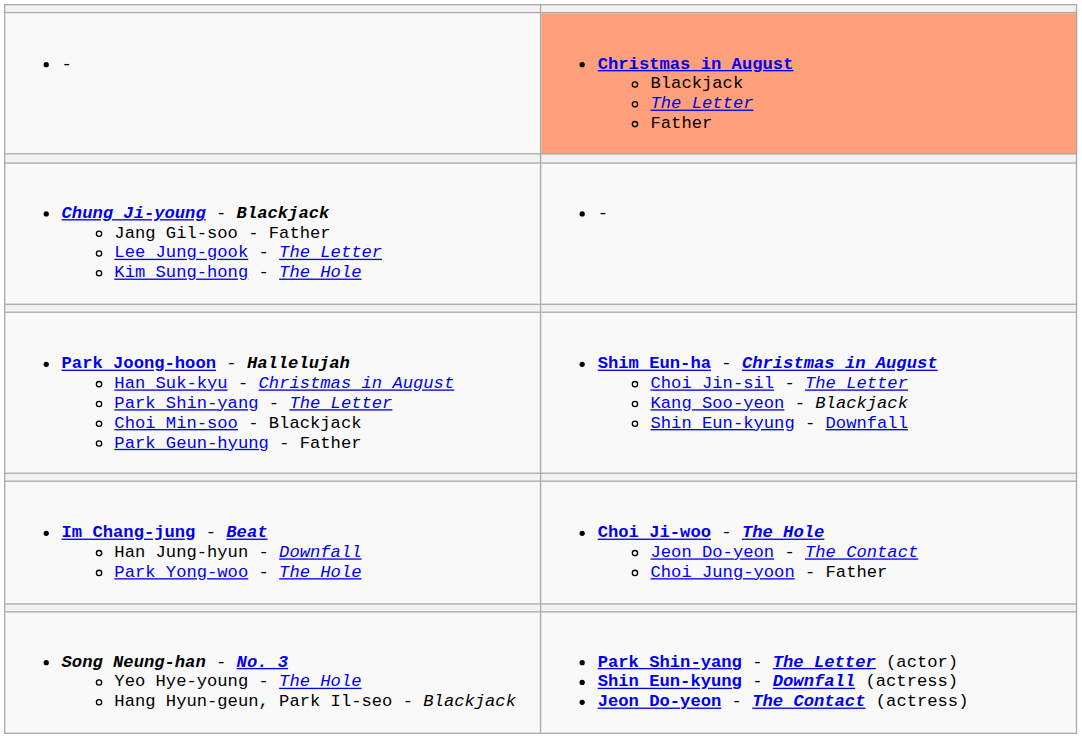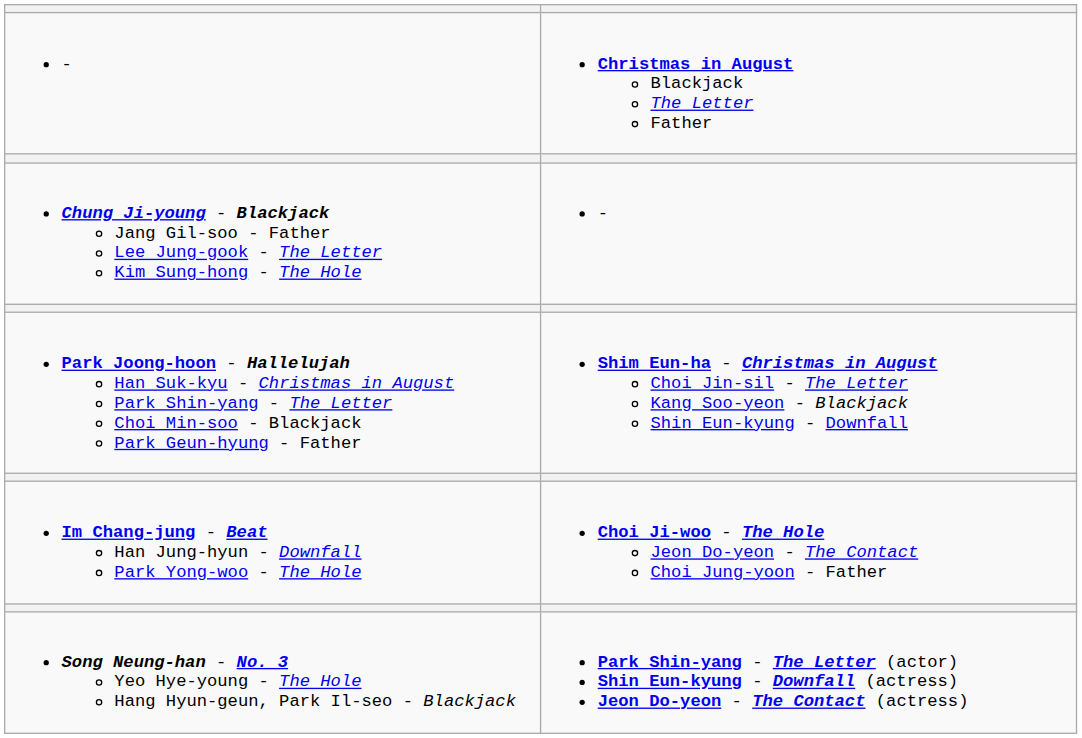 <table class="wikitable">
 <tr>
 <th style="width:400px;"></th>
 <th style="width:400px;"></th>
 </tr>
 <tr>
 <td valign="top"><br><ul><li>-</li></ul></td>
-<td valign="top" style="background: lightsalmon;"><br><ul><li><strong><a href='#'>Christmas in August</a></strong><ul><li>Blackjack</li><li><em><a href='#'>The Letter</a></em></li><li>Father</li></ul></li></ul></td>
+<td valign="top"><br><ul><li><strong><a href='#'>Christmas in August</a></strong><ul><li>Blackjack</li><li><em><a href='#'>The Letter</a></em></li><li>Father</li></ul></li></ul></td>
 </tr>
 <tr>
 <th></th>
 <th></th>
 </tr>
 <tr>
 <td valign="top"><br><ul><li><strong><em><a href='#'>Chung Ji-young</a></em></strong> - <strong><em> Blackjack</em></strong><ul><li>Jang Gil-soo - Father</li><li><a href='#'>Lee Jung-gook</a> - <em><a href='#'> The Letter</a></em></li><li><a href='#'>Kim Sung-hong</a> - <em><a href='#'> The Hole</a></em></li></ul></li></ul></td>
 <td valign="top"><br><ul><li>-</li></ul></td>
 </tr>
 <tr>
 <th></th>
 <th></th>
 </tr>
 <tr>
 <td valign="top"><br><ul><li><strong><a href='#'>Park Joong-hoon</a></strong> - <strong><em> Hallelujah</em></strong><ul><li><a href='#'>Han Suk-kyu</a> - <em><a href='#'>Christmas in August</a></em></li><li><a href='#'>Park Shin-yang</a> - <em><a href='#'> The Letter</a></em></li><li><a href='#'>Choi Min-soo</a> - Blackjack</li><li><a href='#'>Park Geun-hyung</a> - Father</li></ul></li></ul></td>
 <td valign="top"><br><ul><li><strong><a href='#'>Shim Eun-ha</a></strong> - <strong><em><a href='#'>Christmas in August</a></em></strong><ul><li><a href='#'>Choi Jin-sil</a> - <em><a href='#'> The Letter</a></em></li><li><a href='#'>Kang Soo-yeon</a> - <em> Blackjack</em></li><li><a href='#'>Shin Eun-kyung</a> - <a href='#'> Downfall</a></li></ul></li></ul></td>
 </tr>
 <tr>
 <th></th>
 <th></th>
 </tr>
 <tr>
 <td valign="top"><br><ul><li><strong><a href='#'>Im Chang-jung</a></strong> - <strong><em><a href='#'> Beat</a></em></strong><ul><li>Han Jung-hyun - <em><a href='#'> Downfall</a></em></li><li><a href='#'>Park Yong-woo</a> - <em><a href='#'> The Hole</a></em></li></ul></li></ul></td>
 <td valign="top"><br><ul><li><strong><a href='#'>Choi Ji-woo</a></strong> - <strong><em><a href='#'> The Hole</a></em></strong><ul><li><a href='#'>Jeon Do-yeon</a> - <em><a href='#'> The Contact</a></em></li><li><a href='#'>Choi Jung-yoon</a> - Father</li></ul></li></ul></td>
 </tr>
 <tr>
 <th></th>
 <th></th>
 </tr>
 <tr>
 <td valign="top"><br><ul><li><strong><em>Song Neung-han</em></strong> - <strong><em><a href='#'>No. 3</a></em></strong><ul><li>Yeo Hye-young - <em><a href='#'> The Hole</a></em></li><li>Hang Hyun-geun, Park Il-seo - <em>Blackjack</em></li></ul></li></ul></td>
 <td valign="top"><br><ul><li><strong><a href='#'>Park Shin-yang</a></strong> - <strong><em><a href='#'> The Letter</a></em></strong> (actor)</li><li><strong><a href='#'>Shin Eun-kyung</a></strong> - <strong><em><a href='#'> Downfall</a></em></strong> (actress)</li><li><strong><a href='#'>Jeon Do-yeon</a></strong> - <strong><em><a href='#'> The Contact</a></em></strong> (actress)</li></ul></td>
 </tr>
 </table>
